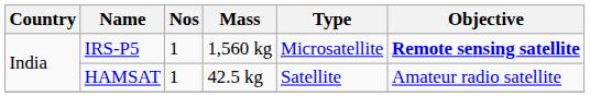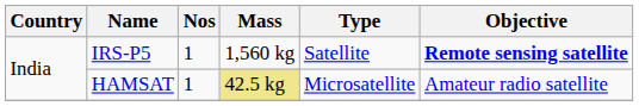 <table class="wikitable sortable">
 <tr>
 <th>Country</th>
 <th>Name</th>
 <th>Nos</th>
 <th>Mass</th>
 <th>Type</th>
 <th>Objective</th>
 </tr>
 <tr>
 <td rowspan="2"> India</td>
 <td><a href='#'>IRS-P5</a></td>
 <td>1</td>
 <td>1,560 kg</td>
-<td><a href='#'>Microsatellite</a></td>
+<td><a href='#'>Satellite</a></td>
 <td><strong><a href='#'>Remote sensing satellite</a></strong></td>
 </tr>
 <tr>
 <td><a href='#'>HAMSAT</a></td>
 <td>1</td>
-<td>42.5 kg</td>
-<td><a href='#'>Satellite</a></td>
+<td style="background: khaki;">42.5 kg</td>
+<td><a href='#'>Microsatellite</a></td>
 <td><a href='#'>Amateur radio satellite</a></td>
 </tr>
 <tr>
 </tr>
 </table>
